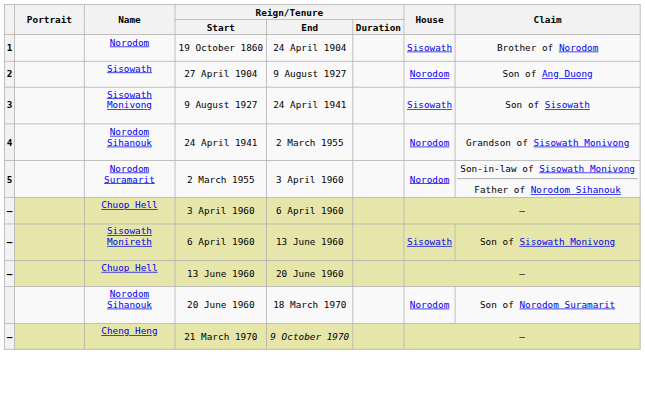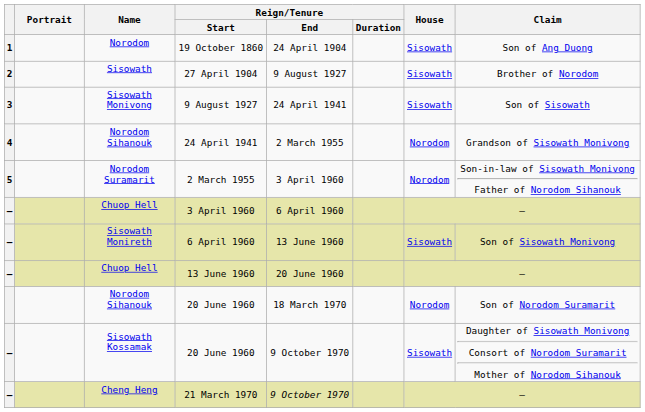 <table class="wikitable" style="text-align:center; border:1px #aaf solid; width:100%;">
 <tr>
 <th rowspan="2"></th>
 <th rowspan="2" style="width:90px;">Portrait</th>
 <th rowspan="2" style="width:120px;">Name<br></th>
 <th colspan="3">Reign/Tenure</th>
 <th rowspan="2">House</th>
 <th rowspan="2">Claim</th>
 </tr>
 <tr>
 <th>Start</th>
 <th>End</th>
 <th>Duration</th>
 </tr>
 <tr>
 <th>1</th>
 <td></td>
 <td><a href='#'>Norodom</a><br><br></td>
 <td>19 October 1860</td>
 <td>24 April 1904</td>
 <td></td>
 <td><a href='#'>Sisowath</a></td>
-<td>Brother of <a href='#'>Norodom</a></td>
+<td>Son of <a href='#'>Ang Duong</a></td>
 </tr>
 <tr>
 <th>2</th>
 <td></td>
 <td><a href='#'>Sisowath</a><br><br></td>
 <td>27 April 1904</td>
 <td>9 August 1927</td>
 <td></td>
-<td><a href='#'>Norodom</a></td>
-<td>Son of <a href='#'>Ang Duong</a></td>
+<td><a href='#'>Sisowath</a></td>
+<td>Brother of <a href='#'>Norodom</a></td>
 </tr>
 <tr>
 <th>3</th>
 <td></td>
 <td><a href='#'>Sisowath Monivong</a><br><br></td>
 <td>9 August 1927</td>
 <td>24 April 1941</td>
 <td></td>
 <td><a href='#'>Sisowath</a></td>
 <td>Son of <a href='#'>Sisowath</a></td>
 </tr>
 <tr>
 <th>4</th>
 <td></td>
 <td><a href='#'>Norodom Sihanouk</a><br><br></td>
 <td>24 April 1941</td>
 <td>2 March 1955</td>
 <td></td>
 <td><a href='#'>Norodom</a></td>
 <td>Grandson of <a href='#'>Sisowath Monivong</a></td>
 </tr>
 <tr>
 <th>5</th>
 <td></td>
 <td><a href='#'>Norodom Suramarit</a><br><br></td>
 <td>2 March 1955</td>
 <td>3 April 1960</td>
 <td></td>
 <td><a href='#'>Norodom</a></td>
 <td>Son-in-law of <a href='#'>Sisowath Monivong</a> <hr> Father of <a href='#'>Norodom Sihanouk</a></td>
 </tr>
 <tr>
 <th style="background:">—</th>
 <td style="background:#e6e6aa;"></td>
 <td style="background:#e6e6aa;"><a href='#'>Chuop Hell</a><br><br></td>
 <td style="background:#e6e6aa;">3 April 1960</td>
 <td style="background:#e6e6aa;">6 April 1960</td>
 <td style="background:#e6e6aa;"></td>
 <td colspan="2" style="background:#e6e6aa;">—</td>
 </tr>
 <tr>
 <th style="background:">—</th>
 <td style="background:#e6e6aa;"></td>
 <td style="background:#e6e6aa;"><a href='#'>Sisowath Monireth</a><br><br></td>
 <td style="background:#e6e6aa;">6 April 1960</td>
 <td style="background:#e6e6aa;">13 June 1960</td>
 <td style="background:#e6e6aa;"></td>
 <td style="background:#e6e6aa;"><a href='#'>Sisowath</a></td>
 <td style="background:#e6e6aa;">Son of <a href='#'>Sisowath Monivong</a></td>
 </tr>
 <tr>
 <th style="background:">—</th>
 <td style="background:#e6e6aa;"></td>
 <td style="background:#e6e6aa;"><a href='#'>Chuop Hell</a><br><br></td>
 <td style="background:#e6e6aa;">13 June 1960</td>
 <td style="background:#e6e6aa;">20 June 1960</td>
 <td style="background:#e6e6aa;"></td>
 <td colspan="2" style="background:#e6e6aa;">—</td>
 </tr>
 <tr>
 <th style="background:"></th>
 <td></td>
 <td><a href='#'>Norodom Sihanouk</a><br><br></td>
 <td>20 June 1960</td>
 <td>18 March 1970</td>
 <td></td>
 <td><a href='#'>Norodom</a></td>
 <td>Son of <a href='#'>Norodom Suramarit</a></td>
 </tr>
 <tr>
+<th>—</th>
+<td></td>
+<td><a href='#'>Sisowath Kossamak</a><br><br><br></td>
+<td>20 June 1960</td>
+<td>9 October 1970</td>
+<td></td>
+<td><a href='#'>Sisowath</a></td>
+<td>Daughter of <a href='#'>Sisowath Monivong</a> <hr> Consort of <a href='#'>Norodom Suramarit</a> <hr> Mother of <a href='#'>Norodom Sihanouk</a></td>
+</tr>
+<tr>
 <th style="background:">—</th>
 <td style="background:#e6e6aa;"></td>
 <td style="background:#e6e6aa;"><a href='#'>Cheng Heng</a><br><br></td>
 <td style="background:#e6e6aa;">21 March 1970</td>
 <td style="background:#e6e6aa;"><em>9 October 1970</em></td>
 <td style="background:#e6e6aa;"></td>
 <td colspan="2" style="background:#e6e6aa;">—</td>
 </tr>
 </table>
